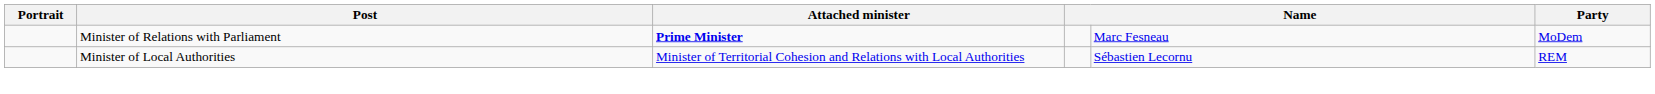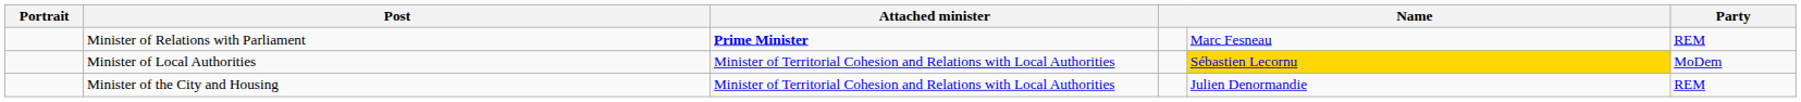 <table class="wikitable sortable" style="width:100%;">
 <tr>
 <th class="unsortable">Portrait</th>
 <th>Post</th>
 <th>Attached minister</th>
 <th colspan="2" scope="col" class="unsortable">Name</th>
 <th>Party</th>
 </tr>
 <tr>
 <td width="80"></td>
 <td width=35%>Minister of Relations with Parliament</td>
 <td width=25%><strong><a href='#'>Prime Minister</a></strong></td>
 <td style="background:"></td>
 <td width=27%><a href='#'>Marc Fesneau</a></td>
-<td width=7%><a href='#'>MoDem</a></td>
+<td width=7%><a href='#'>REM</a></td>
 </tr>
 <tr>
 <td width="80"></td>
 <td width=25%>Minister of Local Authorities</td>
 <td width=25%><a href='#'>Minister of Territorial Cohesion and Relations with Local Authorities</a></td>
 <td style="background:"></td>
-<td width=27%><a href='#'>Sébastien Lecornu</a></td>
+<td width=27% style="background: gold;"><a href='#'>Sébastien Lecornu</a></td>
+<td width=7%><a href='#'>MoDem</a></td>
+</tr>
+<tr>
+<td width="80"></td>
+<td width=25%>Minister of the City and Housing</td>
+<td width=25%><a href='#'>Minister of Territorial Cohesion and Relations with Local Authorities</a></td>
+<td style="background:"></td>
+<td width=27%><a href='#'>Julien Denormandie</a></td>
 <td width=7%><a href='#'>REM</a></td>
 </tr>
 </table>
